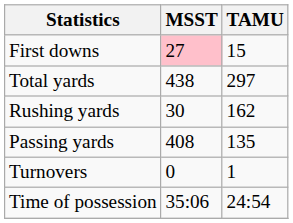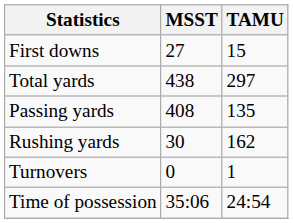 <table class="wikitable" style="float: left;">
 <tr>
 <th>Statistics</th>
 <th>MSST</th>
 <th>TAMU</th>
 </tr>
 <tr>
 <td>First downs</td>
-<td style="background: pink;">27</td>
+<td>27</td>
 <td>15</td>
 </tr>
 <tr>
 <td>Total yards</td>
 <td>438</td>
 <td>297</td>
 </tr>
 <tr>
+<td>Passing yards</td>
+<td>408</td>
+<td>135</td>
+</tr>
+<tr>
 <td>Rushing yards</td>
 <td>30</td>
 <td>162</td>
-</tr>
-<tr>
-<td>Passing yards</td>
-<td>408</td>
-<td>135</td>
 </tr>
 <tr>
 <td>Turnovers</td>
 <td>0</td>
 <td>1</td>
 </tr>
 <tr>
 <td>Time of possession</td>
 <td>35:06</td>
 <td>24:54</td>
 </tr>
 <tr>
 </tr>
 </table>
